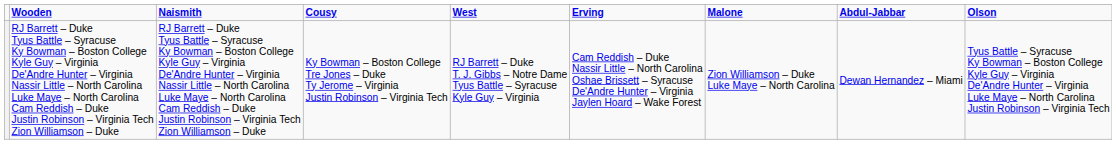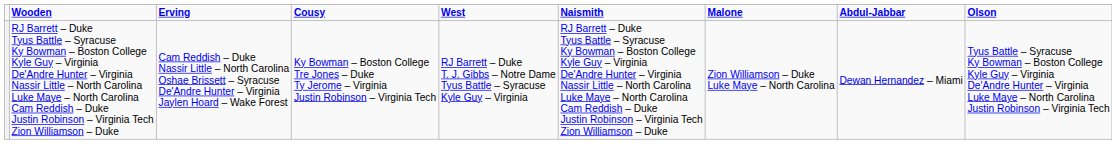 <table class="wikitable" style="white-space:nowrap; font-size:90%;">
 <tr>
 <td></td>
 <td><strong><a href='#'>Wooden</a></strong></td>
-<td><strong><a href='#'>Naismith</a></strong></td>
+<td><strong><a href='#'>Erving</a></strong></td>
 <td><strong><a href='#'>Cousy</a></strong></td>
 <td><strong><a href='#'>West</a></strong></td>
-<td><strong><a href='#'>Erving</a></strong></td>
+<td><strong><a href='#'>Naismith</a></strong></td>
 <td><strong><a href='#'>Malone</a></strong></td>
 <td><strong><a href='#'>Abdul-Jabbar</a></strong></td>
 <td><strong><a href='#'>Olson</a></strong></td>
 </tr>
 <tr>
 <th></th>
 <td><a href='#'>RJ Barrett</a> – Duke <br> <a href='#'>Tyus Battle</a> – Syracuse <br> <a href='#'>Ky Bowman</a> – Boston College <br> <a href='#'>Kyle Guy</a> – Virginia <br> <a href='#'>De'Andre Hunter</a> – Virginia <br> <a href='#'>Nassir Little</a> – North Carolina <br> <a href='#'>Luke Maye</a> – North Carolina <br> <a href='#'>Cam Reddish</a> – Duke <br> <a href='#'>Justin Robinson</a> – Virginia Tech <br> <a href='#'>Zion Williamson</a> – Duke</td>
-<td><a href='#'>RJ Barrett</a> – Duke <br> <a href='#'>Tyus Battle</a> – Syracuse <br> <a href='#'>Ky Bowman</a> – Boston College <br> <a href='#'>Kyle Guy</a> – Virginia <br> <a href='#'>De'Andre Hunter</a> – Virginia <br> <a href='#'>Nassir Little</a> – North Carolina <br> <a href='#'>Luke Maye</a> – North Carolina <br> <a href='#'>Cam Reddish</a> – Duke <br> <a href='#'>Justin Robinson</a> – Virginia Tech <br> <a href='#'>Zion Williamson</a> – Duke</td>
+<td><a href='#'>Cam Reddish</a> – Duke <br> <a href='#'>Nassir Little</a> – North Carolina <br> <a href='#'>Oshae Brissett</a> – Syracuse <br> <a href='#'>De'Andre Hunter</a> – Virginia <br> <a href='#'>Jaylen Hoard</a> – Wake Forest</td>
 <td><a href='#'>Ky Bowman</a> – Boston College <br> <a href='#'>Tre Jones</a> – Duke <br> <a href='#'>Ty Jerome</a> – Virginia <br> <a href='#'>Justin Robinson</a> – Virginia Tech</td>
 <td><a href='#'>RJ Barrett</a> – Duke <br> <a href='#'>T. J. Gibbs</a> – Notre Dame <br> <a href='#'>Tyus Battle</a> – Syracuse <br> <a href='#'>Kyle Guy</a> – Virginia</td>
-<td><a href='#'>Cam Reddish</a> – Duke <br> <a href='#'>Nassir Little</a> – North Carolina <br> <a href='#'>Oshae Brissett</a> – Syracuse <br> <a href='#'>De'Andre Hunter</a> – Virginia <br> <a href='#'>Jaylen Hoard</a> – Wake Forest</td>
+<td><a href='#'>RJ Barrett</a> – Duke <br> <a href='#'>Tyus Battle</a> – Syracuse <br> <a href='#'>Ky Bowman</a> – Boston College <br> <a href='#'>Kyle Guy</a> – Virginia <br> <a href='#'>De'Andre Hunter</a> – Virginia <br> <a href='#'>Nassir Little</a> – North Carolina <br> <a href='#'>Luke Maye</a> – North Carolina <br> <a href='#'>Cam Reddish</a> – Duke <br> <a href='#'>Justin Robinson</a> – Virginia Tech <br> <a href='#'>Zion Williamson</a> – Duke</td>
 <td><a href='#'>Zion Williamson</a> – Duke <br> <a href='#'>Luke Maye</a> – North Carolina</td>
 <td><a href='#'>Dewan Hernandez</a> – Miami</td>
 <td><a href='#'>Tyus Battle</a> – Syracuse <br> <a href='#'>Ky Bowman</a> – Boston College <br> <a href='#'>Kyle Guy</a> – Virginia <br> <a href='#'>De'Andre Hunter</a> – Virginia <br> <a href='#'>Luke Maye</a> – North Carolina <br> <a href='#'>Justin Robinson</a> – Virginia Tech</td>
 </tr>
 </table>
